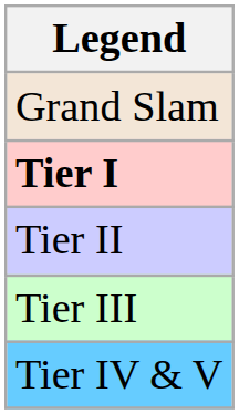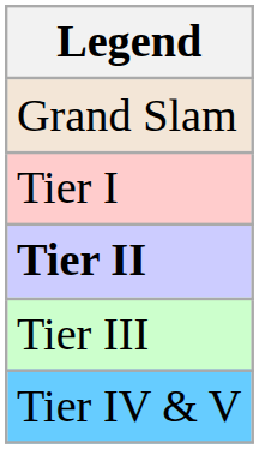 <table class="wikitable sortable mw-collapsible mw-collapsed">
 <tr>
 <th colspan=2>Legend</th>
 </tr>
 <tr style="background:#f3e6d7;">
 <td>Grand Slam</td>
 </tr>
 <tr style="background:#fcc;">
-<td><strong>Tier I</strong></td>
+<td>Tier I</td>
 </tr>
 <tr style="background:#ccf;">
-<td>Tier II</td>
+<td><strong>Tier II</strong></td>
 </tr>
 <tr style="background:#cfc;">
 <td>Tier III</td>
 </tr>
 <tr style="background:#6cf;">
 <td>Tier IV & V</td>
 </tr>
 </table>
